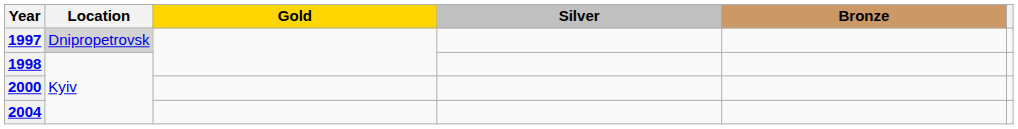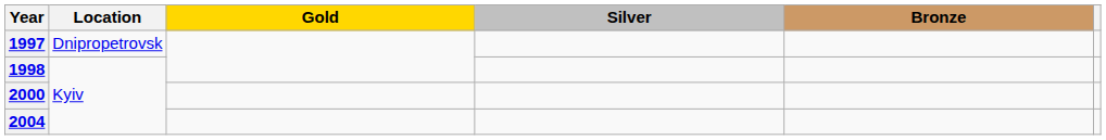 <table class="wikitable unsortable" style="text-align:left; width:85%">
 <tr>
 <th scope="col" style="text-align:center">Year</th>
 <th scope="col" style="text-align:center">Location</th>
 <td scope="col" style="text-align:center; width:30%; background:gold"><strong>Gold</strong></td>
 <td scope="col" style="text-align:center; width:30%; background:silver"><strong>Silver</strong></td>
 <td scope="col" style="text-align:center; width:30%; background:#c96"><strong>Bronze</strong></td>
 <th scope="col" style="text-align:center"></th>
 </tr>
 <tr>
 <th scope="row" style="text-align:left"><a href='#'>1997</a></th>
-<td style="background: lightgrey;"><a href='#'>Dnipropetrovsk</a></td>
+<td><a href='#'>Dnipropetrovsk</a></td>
 <td rowspan="2"></td>
 <td></td>
 <td></td>
 <td></td>
 </tr>
 <tr>
 <th scope="row" style="text-align:left"><a href='#'>1998</a></th>
 <td rowspan="3"><a href='#'>Kyiv</a></td>
 <td></td>
 <td></td>
 <td></td>
 </tr>
 <tr>
 <th scope="row" style="text-align:left"><a href='#'>2000</a></th>
 <td></td>
 <td></td>
 <td></td>
 <td></td>
 </tr>
 <tr>
 <th scope="row" style="text-align:left"><a href='#'>2004</a></th>
 <td></td>
 <td></td>
 <td></td>
 <td></td>
 </tr>
 </table>
